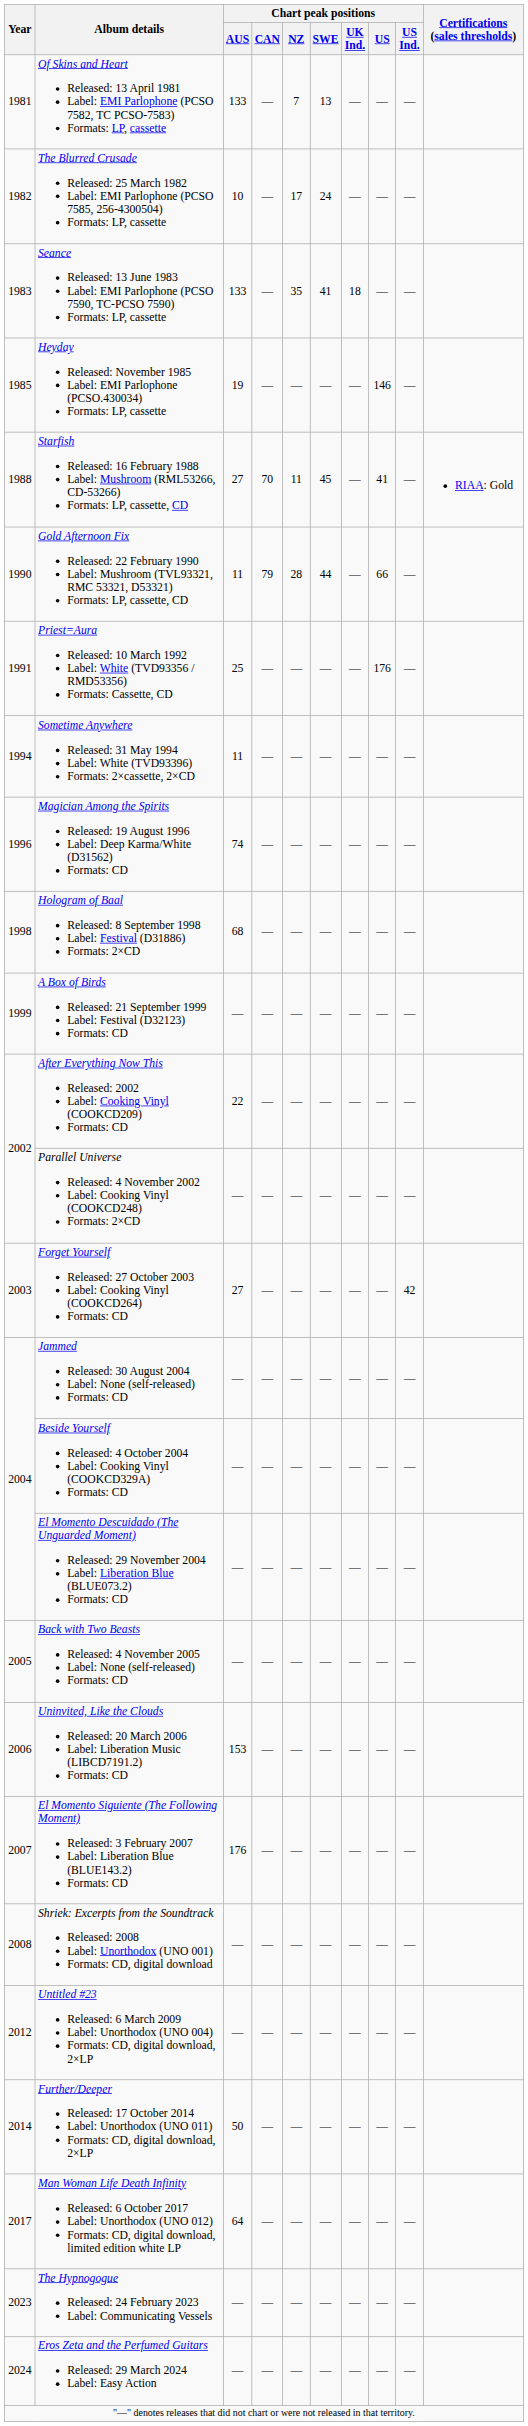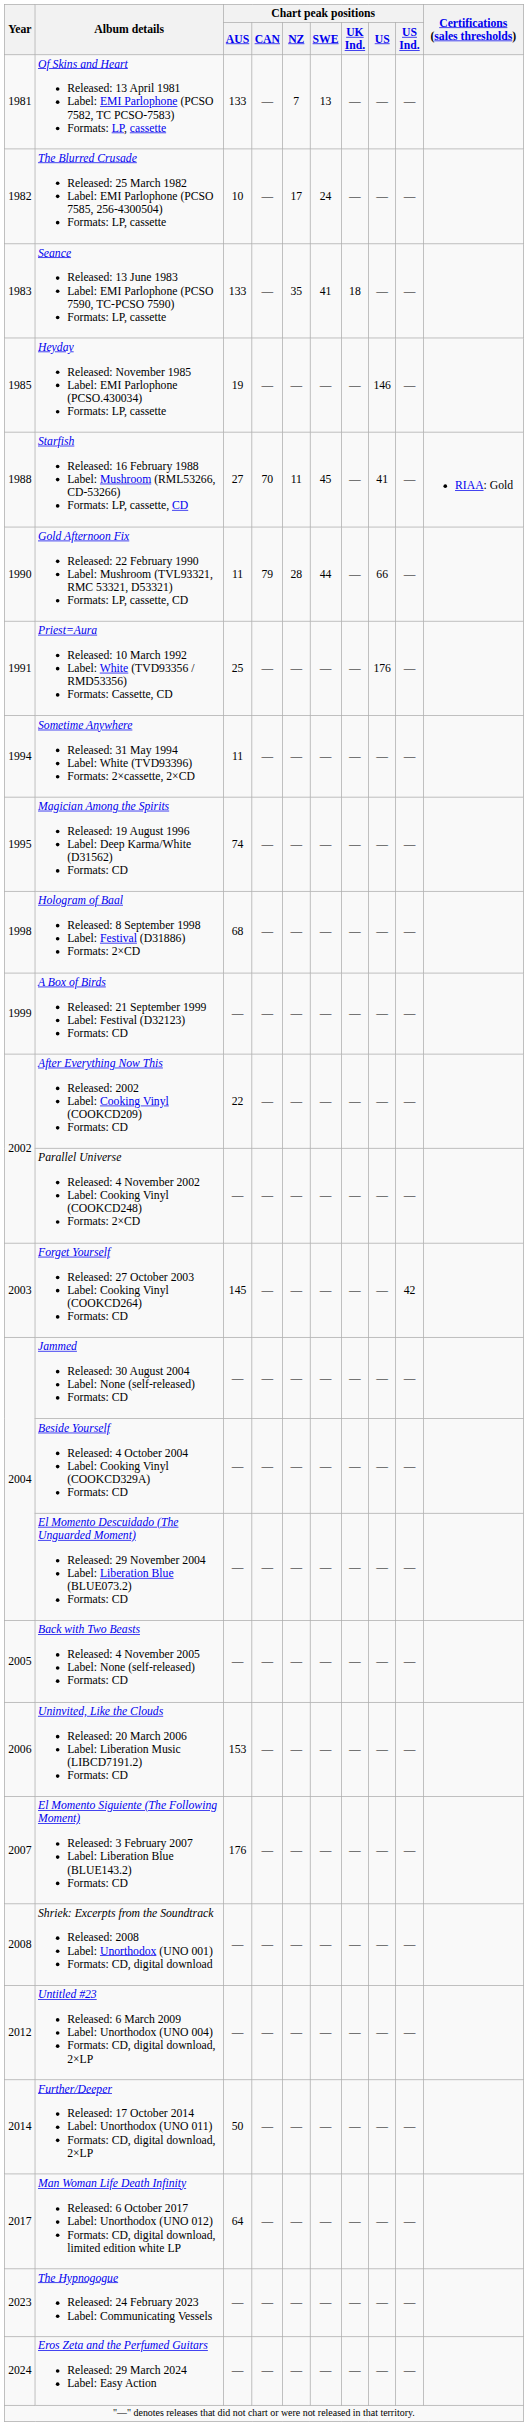 <table class="wikitable">
 <tr>
 <th scope="col" rowspan="2" style="width:35px;">Year</th>
 <th scope="col" style="width:250px;" rowspan="2">Album details</th>
 <th scope="col" colspan="7" style="width:150px;">Chart peak positions</th>
 <th scope="col" rowspan="2" style="width:130px;"><a href='#'>Certifications</a><br>(<a href='#'>sales thresholds</a>)</th>
 </tr>
 <tr>
 <th scope="col" style="width:30px;"><a href='#'>AUS</a><br></th>
 <th scope="col" style="width:30px;"><a href='#'>CAN</a><br></th>
 <th scope="col" style="width:30px;"><a href='#'>NZ</a><br></th>
 <th scope="col" style="width:30px;"><a href='#'>SWE</a><br></th>
 <th scope="col" style="width:30px;"><a href='#'>UK<br>Ind.</a><br></th>
 <th scope="col" style="width:30px;"><a href='#'>US</a><br></th>
 <th scope="col" style="width:30px;"><a href='#'>US<br>Ind.</a><br></th>
 </tr>
 <tr>
 <td style="text-align:center;">1981</td>
 <td><em><a href='#'>Of Skins and Heart</a></em><br><ul><li>Released: 13 April 1981</li><li>Label: <a href='#'>EMI Parlophone</a> (PCSO 7582, TC PCSO-7583)</li><li>Formats: <a href='#'>LP</a>, <a href='#'>cassette</a></li></ul></td>
 <td style="text-align:center;">133</td>
 <td style="text-align:center;">—</td>
 <td style="text-align:center;">7</td>
 <td style="text-align:center;">13</td>
 <td style="text-align:center;">—</td>
 <td style="text-align:center;">—</td>
 <td style="text-align:center;">—</td>
 <td></td>
 </tr>
 <tr>
 <td style="text-align:center;">1982</td>
 <td><em><a href='#'>The Blurred Crusade</a></em><br><ul><li>Released: 25 March 1982</li><li>Label: EMI Parlophone (PCSO 7585, 256-4300504)</li><li>Formats: LP, cassette</li></ul></td>
 <td style="text-align:center;">10</td>
 <td style="text-align:center;">—</td>
 <td style="text-align:center;">17</td>
 <td style="text-align:center;">24</td>
 <td style="text-align:center;">—</td>
 <td style="text-align:center;">—</td>
 <td style="text-align:center;">—</td>
 <td></td>
 </tr>
 <tr>
 <td style="text-align:center;">1983</td>
 <td><em><a href='#'>Seance</a></em><br><ul><li>Released: 13 June 1983</li><li>Label: EMI Parlophone (PCSO 7590, TC-PCSO 7590)</li><li>Formats: LP, cassette</li></ul></td>
 <td style="text-align:center;">133</td>
 <td style="text-align:center;">—</td>
 <td style="text-align:center;">35</td>
 <td style="text-align:center;">41</td>
 <td style="text-align:center;">18</td>
 <td style="text-align:center;">—</td>
 <td style="text-align:center;">—</td>
 <td></td>
 </tr>
 <tr>
 <td style="text-align:center;">1985</td>
 <td><em><a href='#'>Heyday</a></em><br><ul><li>Released: November 1985</li><li>Label: EMI Parlophone (PCSO.430034)</li><li>Formats: LP, cassette</li></ul></td>
 <td style="text-align:center;">19</td>
 <td style="text-align:center;">—</td>
 <td style="text-align:center;">—</td>
 <td style="text-align:center;">—</td>
 <td style="text-align:center;">—</td>
 <td style="text-align:center;">146</td>
 <td style="text-align:center;">—</td>
 <td></td>
 </tr>
 <tr>
 <td style="text-align:center;">1988</td>
 <td><em><a href='#'>Starfish</a></em><br><ul><li>Released: 16 February 1988</li><li>Label: <a href='#'>Mushroom</a> (RML53266, CD-53266)</li><li>Formats: LP, cassette, <a href='#'>CD</a></li></ul></td>
 <td style="text-align:center;">27</td>
 <td style="text-align:center;">70</td>
 <td style="text-align:center;">11</td>
 <td style="text-align:center;">45</td>
 <td style="text-align:center;">—</td>
 <td style="text-align:center;">41</td>
 <td style="text-align:center;">—</td>
 <td><br><ul><li><a href='#'>RIAA</a>: Gold</li></ul></td>
 </tr>
 <tr>
 <td style="text-align:center;">1990</td>
 <td><em><a href='#'>Gold Afternoon Fix</a></em><br><ul><li>Released: 22 February 1990</li><li>Label: Mushroom (TVL93321, RMC 53321, D53321)</li><li>Formats: LP, cassette, CD</li></ul></td>
 <td style="text-align:center;">11</td>
 <td style="text-align:center;">79</td>
 <td style="text-align:center;">28</td>
 <td style="text-align:center;">44</td>
 <td style="text-align:center;">—</td>
 <td style="text-align:center;">66</td>
 <td style="text-align:center;">—</td>
 <td></td>
 </tr>
 <tr>
 <td style="text-align:center;">1991</td>
 <td><em><a href='#'>Priest=Aura</a></em><br><ul><li>Released: 10 March 1992</li><li>Label: <a href='#'>White</a> (TVD93356 / RMD53356)</li><li>Formats: Cassette, CD</li></ul></td>
 <td style="text-align:center;">25</td>
 <td style="text-align:center;">—</td>
 <td style="text-align:center;">—</td>
 <td style="text-align:center;">—</td>
 <td style="text-align:center;">—</td>
 <td style="text-align:center;">176</td>
 <td style="text-align:center;">—</td>
 <td></td>
 </tr>
 <tr>
 <td style="text-align:center;">1994</td>
 <td><em><a href='#'>Sometime Anywhere</a></em><br><ul><li>Released: 31 May 1994</li><li>Label: White (TVD93396)</li><li>Formats: 2×cassette, 2×CD</li></ul></td>
 <td style="text-align:center;">11</td>
 <td style="text-align:center;">—</td>
 <td style="text-align:center;">—</td>
 <td style="text-align:center;">—</td>
 <td style="text-align:center;">—</td>
 <td style="text-align:center;">—</td>
 <td style="text-align:center;">—</td>
 <td></td>
 </tr>
 <tr>
-<td style="text-align:center;">1996</td>
+<td style="text-align:center;">1995</td>
 <td><em><a href='#'>Magician Among the Spirits</a></em><br><ul><li>Released: 19 August 1996</li><li>Label: Deep Karma/White (D31562)</li><li>Formats: CD</li></ul></td>
 <td style="text-align:center;">74</td>
 <td style="text-align:center;">—</td>
 <td style="text-align:center;">—</td>
 <td style="text-align:center;">—</td>
 <td style="text-align:center;">—</td>
 <td style="text-align:center;">—</td>
 <td style="text-align:center;">—</td>
 <td></td>
 </tr>
 <tr>
 <td style="text-align:center;">1998</td>
 <td><em><a href='#'>Hologram of Baal</a></em><br><ul><li>Released: 8 September 1998</li><li>Label: <a href='#'>Festival</a> (D31886)</li><li>Formats: 2×CD</li></ul></td>
 <td style="text-align:center;">68</td>
 <td style="text-align:center;">—</td>
 <td style="text-align:center;">—</td>
 <td style="text-align:center;">—</td>
 <td style="text-align:center;">—</td>
 <td style="text-align:center;">—</td>
 <td style="text-align:center;">—</td>
 <td></td>
 </tr>
 <tr>
 <td style="text-align:center;">1999</td>
 <td><em><a href='#'>A Box of Birds</a></em><br><ul><li>Released: 21 September 1999</li><li>Label: Festival (D32123)</li><li>Formats: CD</li></ul></td>
 <td style="text-align:center;">—</td>
 <td style="text-align:center;">—</td>
 <td style="text-align:center;">—</td>
 <td style="text-align:center;">—</td>
 <td style="text-align:center;">—</td>
 <td style="text-align:center;">—</td>
 <td style="text-align:center;">—</td>
 <td></td>
 </tr>
 <tr>
 <td style="text-align:center;" rowspan="2">2002</td>
 <td><em><a href='#'>After Everything Now This</a></em><br><ul><li>Released: 2002</li><li>Label: <a href='#'>Cooking Vinyl</a> (COOKCD209)</li><li>Formats: CD</li></ul></td>
 <td style="text-align:center;">22</td>
 <td style="text-align:center;">—</td>
 <td style="text-align:center;">—</td>
 <td style="text-align:center;">—</td>
 <td style="text-align:center;">—</td>
 <td style="text-align:center;">—</td>
 <td style="text-align:center;">—</td>
 <td></td>
 </tr>
 <tr>
 <td><em>Parallel Universe</em><br><ul><li>Released: 4 November 2002</li><li>Label: Cooking Vinyl (COOKCD248)</li><li>Formats: 2×CD</li></ul></td>
 <td style="text-align:center;">—</td>
 <td style="text-align:center;">—</td>
 <td style="text-align:center;">—</td>
 <td style="text-align:center;">—</td>
 <td style="text-align:center;">—</td>
 <td style="text-align:center;">—</td>
 <td style="text-align:center;">—</td>
 <td></td>
 </tr>
 <tr>
 <td style="text-align:center;">2003</td>
 <td><em><a href='#'>Forget Yourself</a></em><br><ul><li>Released: 27 October 2003</li><li>Label: Cooking Vinyl (COOKCD264)</li><li>Formats: CD</li></ul></td>
-<td style="text-align:center;">27</td>
+<td style="text-align:center;">145</td>
 <td style="text-align:center;">—</td>
 <td style="text-align:center;">—</td>
 <td style="text-align:center;">—</td>
 <td style="text-align:center;">—</td>
 <td style="text-align:center;">—</td>
 <td style="text-align:center;">42</td>
 <td></td>
 </tr>
 <tr>
 <td style="text-align:center;" rowspan="3">2004</td>
 <td><em><a href='#'>Jammed</a></em><br><ul><li>Released: 30 August 2004</li><li>Label: None (self-released)</li><li>Formats: CD</li></ul></td>
 <td style="text-align:center;">—</td>
 <td style="text-align:center;">—</td>
 <td style="text-align:center;">—</td>
 <td style="text-align:center;">—</td>
 <td style="text-align:center;">—</td>
 <td style="text-align:center;">—</td>
 <td style="text-align:center;">—</td>
 <td></td>
 </tr>
 <tr>
 <td><em><a href='#'>Beside Yourself</a></em><br><ul><li>Released: 4 October 2004</li><li>Label: Cooking Vinyl (COOKCD329A)</li><li>Formats: CD</li></ul></td>
 <td style="text-align:center;">—</td>
 <td style="text-align:center;">—</td>
 <td style="text-align:center;">—</td>
 <td style="text-align:center;">—</td>
 <td style="text-align:center;">—</td>
 <td style="text-align:center;">—</td>
 <td style="text-align:center;">—</td>
 <td></td>
 </tr>
 <tr>
 <td><em><a href='#'>El Momento Descuidado (The Unguarded Moment)</a></em><br><ul><li>Released: 29 November 2004</li><li>Label: <a href='#'>Liberation Blue</a> (BLUE073.2)</li><li>Formats: CD</li></ul></td>
 <td style="text-align:center;">—</td>
 <td style="text-align:center;">—</td>
 <td style="text-align:center;">—</td>
 <td style="text-align:center;">—</td>
 <td style="text-align:center;">—</td>
 <td style="text-align:center;">—</td>
 <td style="text-align:center;">—</td>
 <td></td>
 </tr>
 <tr>
 <td style="text-align:center;">2005</td>
 <td><em><a href='#'>Back with Two Beasts</a></em><br><ul><li>Released: 4 November 2005</li><li>Label: None (self-released)</li><li>Formats: CD</li></ul></td>
 <td style="text-align:center;">—</td>
 <td style="text-align:center;">—</td>
 <td style="text-align:center;">—</td>
 <td style="text-align:center;">—</td>
 <td style="text-align:center;">—</td>
 <td style="text-align:center;">—</td>
 <td style="text-align:center;">—</td>
 <td></td>
 </tr>
 <tr>
 <td style="text-align:center;">2006</td>
 <td><em><a href='#'>Uninvited, Like the Clouds</a></em><br><ul><li>Released: 20 March 2006</li><li>Label: Liberation Music (LIBCD7191.2)</li><li>Formats: CD</li></ul></td>
 <td style="text-align:center;">153</td>
 <td style="text-align:center;">—</td>
 <td style="text-align:center;">—</td>
 <td style="text-align:center;">—</td>
 <td style="text-align:center;">—</td>
 <td style="text-align:center;">—</td>
 <td style="text-align:center;">—</td>
 <td></td>
 </tr>
 <tr>
 <td style="text-align:center;">2007</td>
 <td><em><a href='#'>El Momento Siguiente (The Following Moment)</a></em><br><ul><li>Released: 3 February 2007</li><li>Label: Liberation Blue (BLUE143.2)</li><li>Formats: CD</li></ul></td>
 <td style="text-align:center;">176</td>
 <td style="text-align:center;">—</td>
 <td style="text-align:center;">—</td>
 <td style="text-align:center;">—</td>
 <td style="text-align:center;">—</td>
 <td style="text-align:center;">—</td>
 <td style="text-align:center;">—</td>
 <td></td>
 </tr>
 <tr>
 <td style="text-align:center;">2008</td>
 <td><em>Shriek: Excerpts from the Soundtrack</em><br><ul><li>Released: 2008</li><li>Label: <a href='#'>Unorthodox</a> (UNO 001)</li><li>Formats: CD, digital download</li></ul></td>
 <td style="text-align:center;">—</td>
 <td style="text-align:center;">—</td>
 <td style="text-align:center;">—</td>
 <td style="text-align:center;">—</td>
 <td style="text-align:center;">—</td>
 <td style="text-align:center;">—</td>
 <td style="text-align:center;">—</td>
 <td></td>
 </tr>
 <tr>
 <td style="text-align:center;">2012</td>
 <td><em><a href='#'>Untitled #23</a></em><br><ul><li>Released: 6 March 2009</li><li>Label: Unorthodox (UNO 004)</li><li>Formats: CD, digital download, 2×LP</li></ul></td>
 <td style="text-align:center;">—</td>
 <td style="text-align:center;">—</td>
 <td style="text-align:center;">—</td>
 <td style="text-align:center;">—</td>
 <td style="text-align:center;">—</td>
 <td style="text-align:center;">—</td>
 <td style="text-align:center;">—</td>
 <td></td>
 </tr>
 <tr>
 <td style="text-align:center;">2014</td>
 <td><em><a href='#'>Further/Deeper</a></em><br><ul><li>Released: 17 October 2014</li><li>Label: Unorthodox (UNO 011)</li><li>Formats: CD, digital download, 2×LP</li></ul></td>
 <td style="text-align:center;">50</td>
 <td style="text-align:center;">—</td>
 <td style="text-align:center;">—</td>
 <td style="text-align:center;">—</td>
 <td style="text-align:center;">—</td>
 <td style="text-align:center;">—</td>
 <td style="text-align:center;">—</td>
 <td></td>
 </tr>
 <tr>
 <td style="text-align:center;">2017</td>
 <td><em><a href='#'>Man Woman Life Death Infinity</a></em><br><ul><li>Released: 6 October 2017</li><li>Label: Unorthodox (UNO 012)</li><li>Formats: CD, digital download, limited edition white LP</li></ul></td>
 <td style="text-align:center;">64</td>
 <td style="text-align:center;">—</td>
 <td style="text-align:center;">—</td>
 <td style="text-align:center;">—</td>
 <td style="text-align:center;">—</td>
 <td style="text-align:center;">—</td>
 <td style="text-align:center;">—</td>
 <td></td>
 </tr>
 <tr>
 <td style="text-align:center;">2023</td>
 <td><em><a href='#'>The Hypnogogue</a></em><br><ul><li>Released: 24 February 2023</li><li>Label: Communicating Vessels</li></ul></td>
 <td style="text-align:center;">—</td>
 <td style="text-align:center;">—</td>
 <td style="text-align:center;">—</td>
 <td style="text-align:center;">—</td>
 <td style="text-align:center;">—</td>
 <td style="text-align:center;">—</td>
 <td style="text-align:center;">—</td>
 <td></td>
 </tr>
 <tr>
 <td style="text-align:center;">2024</td>
 <td><em><a href='#'>Eros Zeta and the Perfumed Guitars</a></em><br><ul><li>Released: 29 March 2024</li><li>Label: Easy Action</li></ul></td>
 <td style="text-align:center;">—</td>
 <td style="text-align:center;">—</td>
 <td style="text-align:center;">—</td>
 <td style="text-align:center;">—</td>
 <td style="text-align:center;">—</td>
 <td style="text-align:center;">—</td>
 <td style="text-align:center;">—</td>
 <td></td>
 </tr>
 <tr>
 <td colspan="11"  style="font-size:85%; text-align:center;">"—" denotes releases that did not chart or were not released in that territory.</td>
 </tr>
 </table>
